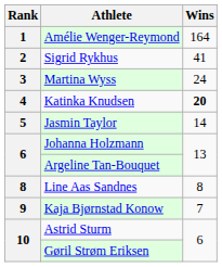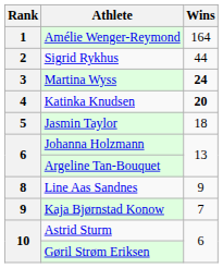 <table class="wikitable" style="font-size: 90%;">
 <tr>
 <th>Rank</th>
 <th>Athlete</th>
 <th>Wins</th>
 </tr>
 <tr>
 <th>1</th>
 <td style="background:#dfffdf;"> <a href='#'>Amélie Wenger-Reymond</a></td>
 <td align="center">164</td>
 </tr>
 <tr>
 <th>2</th>
 <td> <a href='#'>Sigrid Rykhus</a></td>
-<td align="center">41</td>
+<td align="center">44</td>
 </tr>
 <tr>
 <th>3</th>
 <td style="background:#dfffdf;"> <a href='#'>Martina Wyss</a></td>
-<td align="center">24</td>
+<td align="center"><strong>24</strong></td>
 </tr>
 <tr>
 <th>4</th>
 <td> <a href='#'>Katinka Knudsen</a></td>
 <td align="center"><strong>20</strong></td>
 </tr>
 <tr>
 <th>5</th>
 <td style="background:#dfffdf;"> <a href='#'>Jasmin Taylor</a></td>
-<td align="center">14</td>
+<td align="center">18</td>
 </tr>
 <tr>
 <th rowspan="2">6</th>
 <td style="background:#dfffdf;"> <a href='#'>Johanna Holzmann</a></td>
 <td rowspan="2" align="center">13</td>
 </tr>
 <tr>
 <td style="background:#dfffdf;"> <a href='#'>Argeline Tan-Bouquet</a></td>
 </tr>
 <tr>
 <th>8</th>
 <td> <a href='#'>Line Aas Sandnes</a></td>
-<td align="center">8</td>
+<td align="center">9</td>
 </tr>
 <tr>
 <th>9</th>
 <td style="background:#dfffdf;"> <a href='#'>Kaja Bjørnstad Konow</a></td>
 <td align="center">7</td>
 </tr>
 <tr>
 <th rowspan="2">10</th>
 <td> <a href='#'>Astrid Sturm</a></td>
 <td align="center" rowspan="2">6</td>
 </tr>
 <tr>
 <td style="background:#dfffdf;"> <a href='#'>Gøril Strøm Eriksen</a></td>
 </tr>
 </table>
